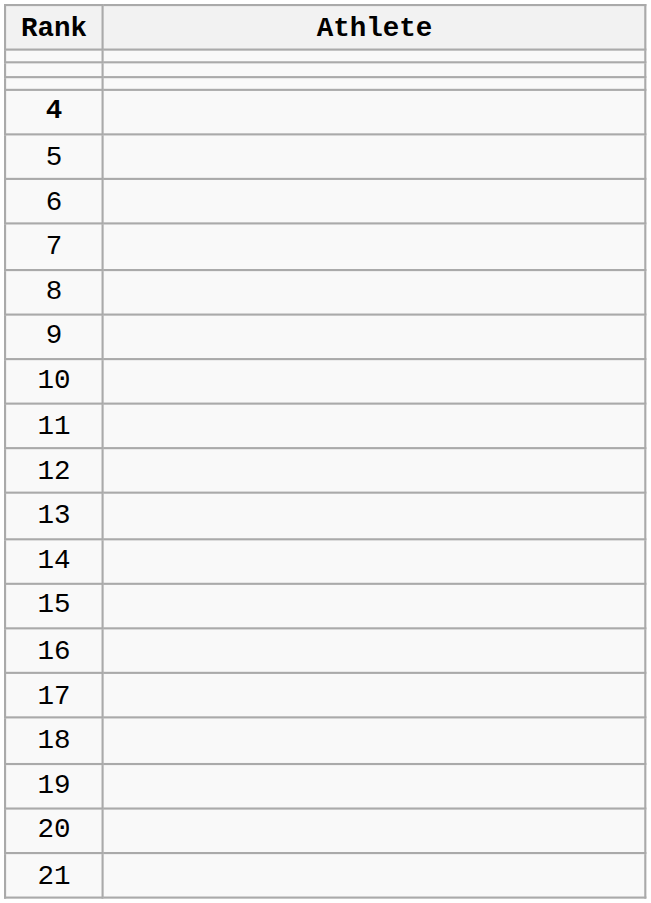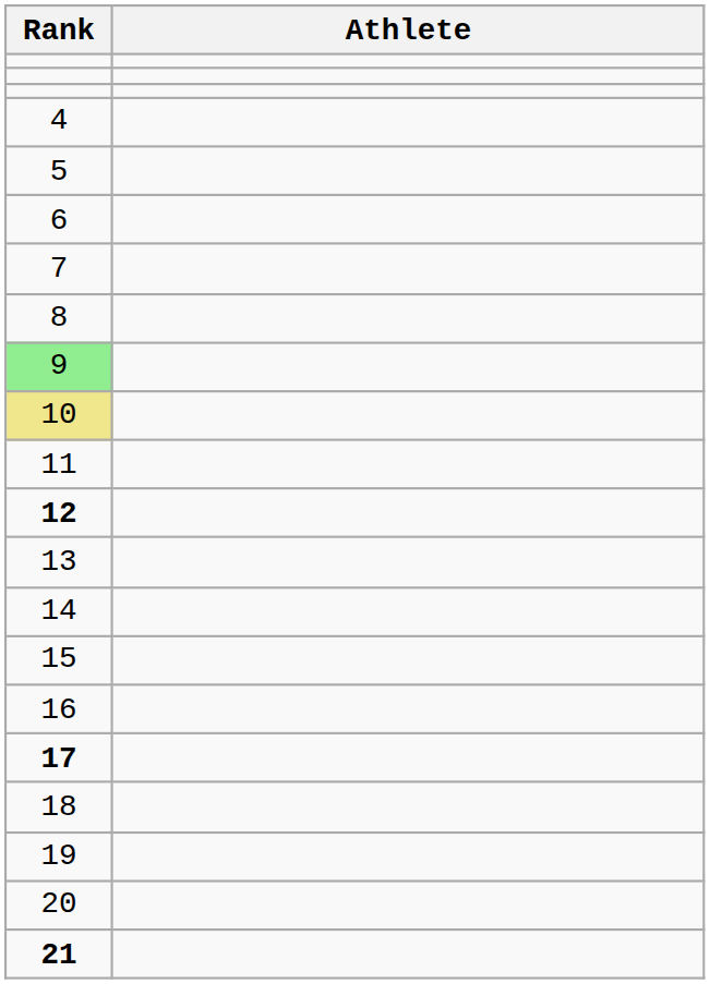 <table class="wikitable" style="text-align: center;">
 <tr>
 <th width=40>Rank</th>
 <th width=250>Athlete</th>
 </tr>
 <tr>
 <td></td>
 <td align=left></td>
 </tr>
 <tr>
 <td></td>
 <td align=left></td>
 </tr>
 <tr>
 <td></td>
 <td align=left></td>
 </tr>
 <tr>
-<td><strong>4</strong></td>
+<td>4</td>
 <td align=left></td>
 </tr>
 <tr>
 <td>5</td>
 <td align=left></td>
 </tr>
 <tr>
 <td>6</td>
 <td align=left></td>
 </tr>
 <tr>
 <td>7</td>
 <td align=left></td>
 </tr>
 <tr>
 <td>8</td>
 <td align=left></td>
 </tr>
 <tr>
-<td>9</td>
+<td style="background: lightgreen;">9</td>
 <td align=left></td>
 </tr>
 <tr>
-<td>10</td>
+<td style="background: khaki;">10</td>
 <td align=left></td>
 </tr>
 <tr>
 <td>11</td>
 <td align=left></td>
 </tr>
 <tr>
-<td>12</td>
+<td><strong>12</strong></td>
 <td align=left></td>
 </tr>
 <tr>
 <td>13</td>
 <td align=left></td>
 </tr>
 <tr>
 <td>14</td>
 <td align=left></td>
 </tr>
 <tr>
 <td>15</td>
 <td align=left></td>
 </tr>
 <tr>
 <td>16</td>
 <td align=left></td>
 </tr>
 <tr>
-<td>17</td>
+<td><strong>17</strong></td>
 <td align=left></td>
 </tr>
 <tr>
 <td>18</td>
 <td align=left></td>
 </tr>
 <tr>
 <td>19</td>
 <td align=left></td>
 </tr>
 <tr>
 <td>20</td>
 <td align=left></td>
 </tr>
 <tr>
-<td>21</td>
+<td><strong>21</strong></td>
 <td align=left></td>
 </tr>
 </table>
